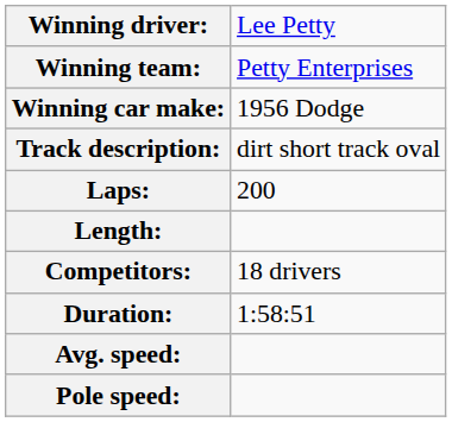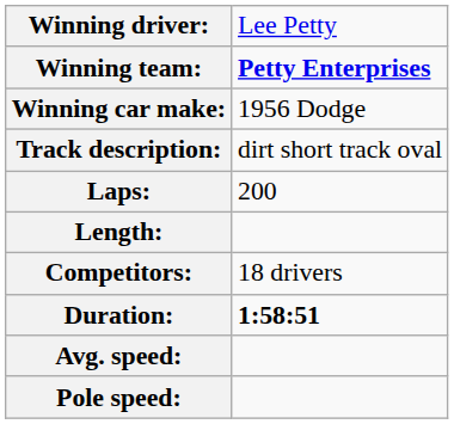 <table class="wikitable" style=text-align:left>
 <tr>
 <th>Winning driver:</th>
 <td><a href='#'>Lee Petty</a></td>
 </tr>
 <tr>
 <th>Winning team:</th>
-<td><a href='#'>Petty Enterprises</a></td>
+<td><strong><a href='#'>Petty Enterprises</a></strong></td>
 </tr>
 <tr>
 <th>Winning car make:</th>
 <td>1956 Dodge</td>
 </tr>
 <tr>
 <th>Track description:</th>
 <td> dirt short track oval</td>
 </tr>
 <tr>
 <th>Laps:</th>
 <td>200</td>
 </tr>
 <tr>
 <th>Length:</th>
 <td></td>
 </tr>
 <tr>
 <th>Competitors:</th>
 <td>18 drivers</td>
 </tr>
 <tr>
 <th>Duration:</th>
-<td>1:58:51</td>
+<td><strong>1:58:51</strong></td>
 </tr>
 <tr>
 <th>Avg. speed:</th>
 <td></td>
 </tr>
 <tr>
 <th>Pole speed:</th>
 <td></td>
 </tr>
 </table>
